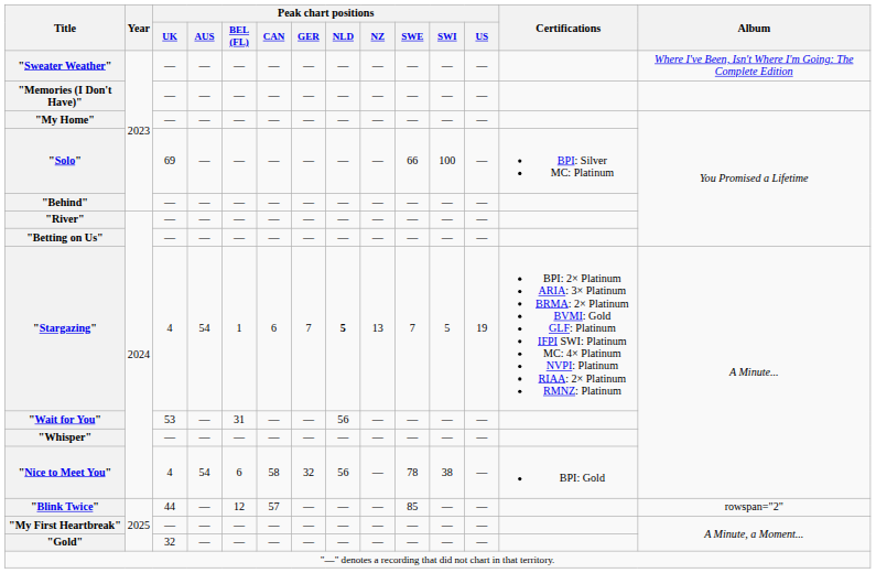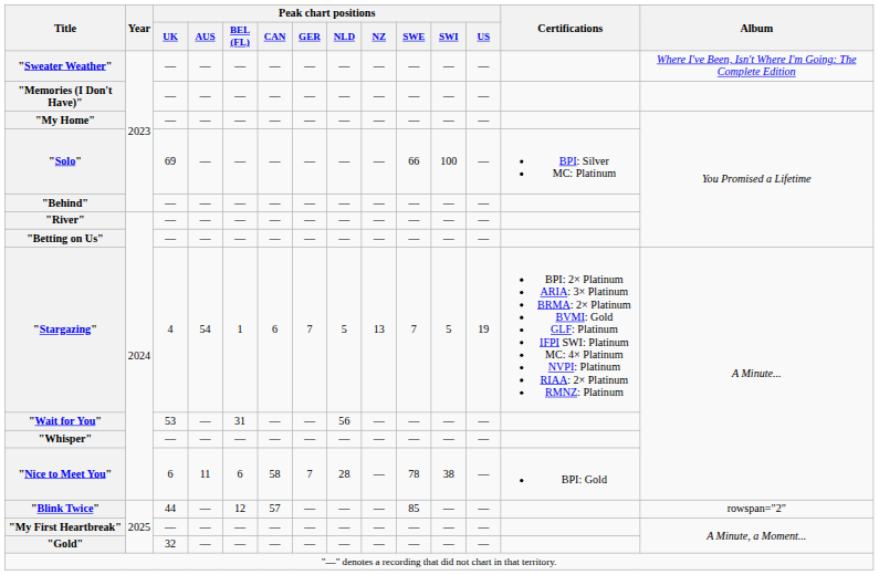 <table class="wikitable plainrowheaders" style="text-align:center;">
 <tr>
 <th scope="col" rowspan="2">Title</th>
 <th scope="col" rowspan="2">Year</th>
 <th scope="col" colspan="10">Peak chart positions</th>
 <th scope="col" rowspan="2" style="width:12em;">Certifications</th>
 <th scope="col" rowspan="2">Album</th>
 </tr>
 <tr>
 <th scope="col" style="width:3em;font-size:90%;"><a href='#'>UK</a><br></th>
 <th scope="col" style="width:3em;font-size:90%;"><a href='#'>AUS</a><br></th>
 <th scope="col" style="width:3em;font-size:90%;"><a href='#'>BEL (FL)</a><br></th>
 <th scope="col" style="width:3em;font-size:90%;"><a href='#'>CAN</a><br></th>
 <th scope="col" style="width:3em;font-size:90%;"><a href='#'>GER</a><br></th>
 <th scope="col" style="width:3em;font-size:90%;"><a href='#'>NLD</a><br></th>
 <th scope="col" style="width:3em;font-size:90%;"><a href='#'>NZ</a><br></th>
 <th scope="col" style="width:3em;font-size:90%;"><a href='#'>SWE</a><br></th>
 <th scope="col" style="width:3em;font-size:90%;"><a href='#'>SWI</a><br></th>
 <th scope="col" style="width:3em;font-size:90%;"><a href='#'>US</a><br></th>
 </tr>
 <tr>
 <th scope="row">"<a href='#'>Sweater Weather</a>"</th>
 <td rowspan="5">2023</td>
 <td>—</td>
 <td>—</td>
 <td>—</td>
 <td>—</td>
 <td>—</td>
 <td>—</td>
 <td>—</td>
 <td>—</td>
 <td>—</td>
 <td>—</td>
 <td></td>
 <td><em><a href='#'>Where I've Been, Isn't Where I'm Going: The Complete Edition</a></em></td>
 </tr>
 <tr>
 <th scope="row">"Memories (I Don't Have)"</th>
 <td>—</td>
 <td>—</td>
 <td>—</td>
 <td>—</td>
 <td>—</td>
 <td>—</td>
 <td>—</td>
 <td>—</td>
 <td>—</td>
 <td>—</td>
 <td></td>
 </tr>
 <tr>
 <th scope="row">"My Home"</th>
 <td>—</td>
 <td>—</td>
 <td>—</td>
 <td>—</td>
 <td>—</td>
 <td>—</td>
 <td>—</td>
 <td>—</td>
 <td>—</td>
 <td>—</td>
 <td></td>
 <td rowspan="5"><em>You Promised a Lifetime</em></td>
 </tr>
 <tr>
 <th scope="row">"<a href='#'>Solo</a>"</th>
 <td>69</td>
 <td>—</td>
 <td>—</td>
 <td>—</td>
 <td>—</td>
 <td>—</td>
 <td>—</td>
 <td>66</td>
 <td>100</td>
 <td>—</td>
 <td><br><ul><li><a href='#'>BPI</a>: Silver</li><li>MC: Platinum</li></ul></td>
 </tr>
 <tr>
 <th scope="row">"Behind"</th>
 <td>—</td>
 <td>—</td>
 <td>—</td>
 <td>—</td>
 <td>—</td>
 <td>—</td>
 <td>—</td>
 <td>—</td>
 <td>—</td>
 <td>—</td>
 <td></td>
 </tr>
 <tr>
 <th scope="row">"River"</th>
 <td rowspan="6">2024</td>
 <td>—</td>
 <td>—</td>
 <td>—</td>
 <td>—</td>
 <td>—</td>
 <td>—</td>
 <td>—</td>
 <td>—</td>
 <td>—</td>
 <td>—</td>
 <td></td>
 </tr>
 <tr>
 <th scope="row">"Betting on Us"</th>
 <td>—</td>
 <td>—</td>
 <td>—</td>
 <td>—</td>
 <td>—</td>
 <td>—</td>
 <td>—</td>
 <td>—</td>
 <td>—</td>
 <td>—</td>
 <td></td>
 </tr>
 <tr>
 <th scope="row">"<a href='#'>Stargazing</a>"</th>
 <td>4</td>
 <td>54</td>
 <td>1</td>
 <td>6</td>
 <td>7</td>
-<td><strong>5</strong></td>
+<td>5</td>
 <td>13</td>
 <td>7</td>
 <td>5</td>
 <td>19</td>
 <td><br><ul><li>BPI: 2× Platinum</li><li><a href='#'>ARIA</a>: 3× Platinum</li><li><a href='#'>BRMA</a>: 2× Platinum</li><li><a href='#'>BVMI</a>: Gold</li><li><a href='#'>GLF</a>: Platinum</li><li><a href='#'>IFPI</a> SWI: Platinum</li><li>MC: 4× Platinum</li><li><a href='#'>NVPI</a>: Platinum</li><li><a href='#'>RIAA</a>: 2× Platinum</li><li><a href='#'>RMNZ</a>: Platinum</li></ul></td>
 <td rowspan="4"><em>A Minute...</em></td>
 </tr>
 <tr>
 <th scope="row">"<a href='#'>Wait for You</a>"</th>
 <td>53</td>
 <td>—</td>
 <td>31</td>
 <td>—</td>
 <td>—</td>
 <td>56</td>
 <td>—</td>
 <td>—</td>
 <td>—</td>
 <td>—</td>
 <td></td>
 </tr>
 <tr>
 <th scope="row">"Whisper"</th>
 <td>—</td>
 <td>—</td>
 <td>—</td>
 <td>—</td>
 <td>—</td>
 <td>—</td>
 <td>—</td>
 <td>—</td>
 <td>—</td>
 <td>—</td>
 <td></td>
 </tr>
 <tr>
 <th scope="row">"<a href='#'>Nice to Meet You</a>"</th>
-<td>4</td>
-<td>54</td>
+<td>6</td>
+<td>11</td>
 <td>6</td>
 <td>58</td>
-<td>32</td>
-<td>56</td>
+<td>7</td>
+<td>28</td>
 <td>—</td>
 <td>78<br></td>
 <td>38</td>
 <td>—</td>
 <td><br><ul><li>BPI: Gold</li></ul></td>
 </tr>
 <tr>
 <th scope="row">"<a href='#'>Blink Twice</a>"<br></th>
 <td rowspan="3">2025</td>
 <td>44</td>
 <td>—</td>
 <td>12</td>
 <td>57</td>
 <td>—</td>
 <td>—</td>
 <td>—</td>
 <td>85<br></td>
 <td>—</td>
 <td>—</td>
 <td></td>
 <td>rowspan="2" </td>
 </tr>
 <tr>
 <th scope="row">"My First Heartbreak"</th>
 <td>—</td>
 <td>—</td>
 <td>—</td>
 <td>—</td>
 <td>—</td>
 <td>—</td>
 <td>—</td>
 <td>—</td>
 <td>—</td>
 <td>—</td>
 <td></td>
 <td rowspan="2"><em>A Minute, a Moment...</em></td>
 </tr>
 <tr>
 <th scope="row">"Gold"</th>
 <td>32</td>
 <td>—</td>
 <td>—</td>
 <td>—</td>
 <td>—</td>
 <td>—</td>
 <td>—</td>
 <td>—</td>
 <td>—</td>
 <td>—</td>
 <td></td>
 </tr>
 <tr>
 <td colspan="14" style="font-size:90%">"—" denotes a recording that did not chart in that territory.</td>
 </tr>
 </table>
